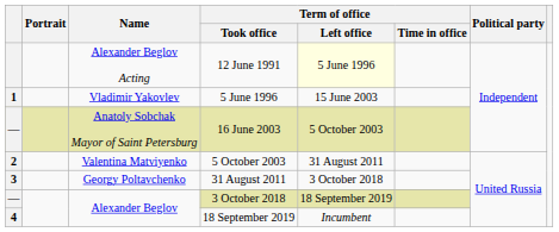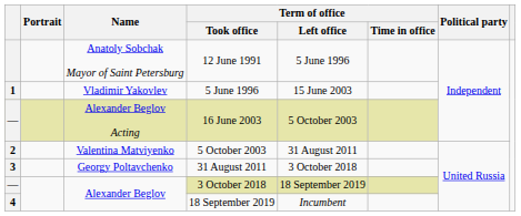 <table class="wikitable" style="text-align:center">
 <tr>
 <th rowspan=2></th>
 <th rowspan=2>Portrait</th>
 <th rowspan=2>Name<br></th>
 <th colspan=3>Term of office</th>
 <th rowspan=2>Political party</th>
 <th rowspan=2></th>
 </tr>
 <tr>
 <th>Took office</th>
 <th>Left office</th>
 <th>Time in office</th>
 </tr>
 <tr>
 <th style="background:"></th>
 <td></td>
-<td><a href='#'>Alexander Beglov</a><br><br><em>Acting</em></td>
+<td><a href='#'>Anatoly Sobchak</a><br><br><em>Mayor of Saint Petersburg</em></td>
 <td>12 June 1991</td>
-<td style="background: lightyellow;">5 June 1996</td>
+<td>5 June 1996</td>
 <td></td>
 <td rowspan="3"><a href='#'>Independent</a></td>
 </tr>
 <tr>
 <th style="background:">1</th>
 <td></td>
 <td><a href='#'>Vladimir Yakovlev</a><br></td>
 <td>5 June 1996</td>
 <td>15 June 2003</td>
 <td></td>
 </tr>
 <tr bgcolor="#e6e6aa">
 <th style="background:">—</th>
 <td></td>
-<td><a href='#'>Anatoly Sobchak</a><br><br><em>Mayor of Saint Petersburg</em></td>
+<td><a href='#'>Alexander Beglov</a><br><br><em>Acting</em></td>
 <td>16 June 2003</td>
 <td>5 October 2003</td>
 <td></td>
 </tr>
 <tr>
 <th style="background:">2</th>
 <td></td>
 <td><a href='#'>Valentina Matviyenko</a><br></td>
 <td>5 October 2003</td>
 <td>31 August 2011</td>
 <td></td>
 <td rowspan="4"><a href='#'>United Russia</a></td>
 </tr>
 <tr>
 <th style="background:">3</th>
 <td></td>
 <td><a href='#'>Georgy Poltavchenko</a><br></td>
 <td>31 August 2011</td>
 <td>3 October 2018</td>
 <td></td>
 </tr>
 <tr>
 <th style="background:">—</th>
 <td rowspan="2"></td>
 <td rowspan="2"><a href='#'>Alexander Beglov</a><br></td>
 <td bgcolor="#e6e6aa">3 October 2018</td>
 <td bgcolor="#e6e6aa">18 September 2019</td>
 <td bgcolor="#e6e6aa"></td>
 </tr>
 <tr>
 <th style="background:">4</th>
 <td>18 September 2019</td>
 <td><em>Incumbent</em></td>
 <td></td>
 </tr>
 </table>
